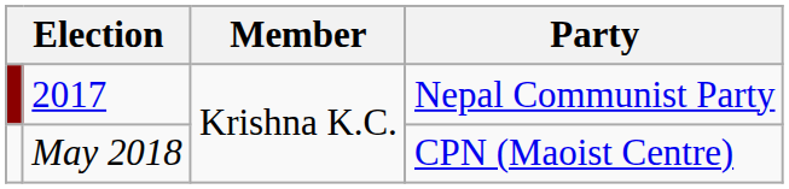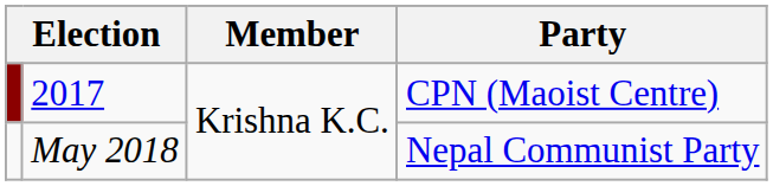 <table class="wikitable">
 <tr>
 <th colspan="2">Election</th>
 <th>Member</th>
 <th>Party</th>
 </tr>
 <tr>
 <td style="background-color:darkred"></td>
 <td><a href='#'>2017</a></td>
 <td rowspan="2">Krishna K.C.</td>
-<td><a href='#'>Nepal Communist Party</a></td>
+<td><a href='#'>CPN (Maoist Centre)</a></td>
 </tr>
 <tr>
 <td style="background-color:"></td>
 <td><em>May 2018</em></td>
-<td><a href='#'>CPN (Maoist Centre)</a></td>
+<td><a href='#'>Nepal Communist Party</a></td>
 </tr>
 </table>
